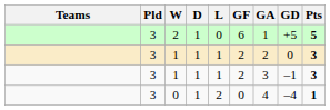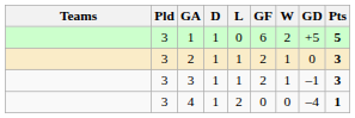 <table class="wikitable" style="text-align: center;">
 <tr>
 <th width=165>Teams</th>
 <th width=20>Pld</th>
-<th width=20>W</th>
+<th width=20>GA</th>
 <th width=20>D</th>
 <th width=20>L</th>
 <th width=20>GF</th>
-<th width=20>GA</th>
+<th width=20>W</th>
 <th width=20>GD</th>
 <th width=20>Pts</th>
 </tr>
 <tr style="text-align:center; background:#cfc;">
 <td style="text-align:left;"></td>
 <td>3</td>
-<td>2</td>
+<td>1</td>
 <td>1</td>
 <td>0</td>
 <td>6</td>
-<td>1</td>
+<td>2</td>
 <td>+5</td>
 <td><strong>5</strong></td>
 </tr>
 <tr style="text-align:center; background:#faecc8;">
 <td style="text-align:left;"></td>
 <td>3</td>
-<td>1</td>
+<td>2</td>
 <td>1</td>
 <td>1</td>
 <td>2</td>
-<td>2</td>
+<td>1</td>
 <td>0</td>
 <td><strong>3</strong></td>
 </tr>
 <tr align=center>
 <td style="text-align:left;"></td>
 <td>3</td>
-<td>1</td>
+<td>3</td>
 <td>1</td>
 <td>1</td>
 <td>2</td>
-<td>3</td>
+<td>1</td>
 <td>–1</td>
 <td><strong>3</strong></td>
 </tr>
 <tr align=center>
 <td style="text-align:left;"></td>
 <td>3</td>
-<td>0</td>
+<td>4</td>
 <td>1</td>
 <td>2</td>
 <td>0</td>
-<td>4</td>
+<td>0</td>
 <td>–4</td>
 <td><strong>1</strong></td>
 </tr>
 </table>
